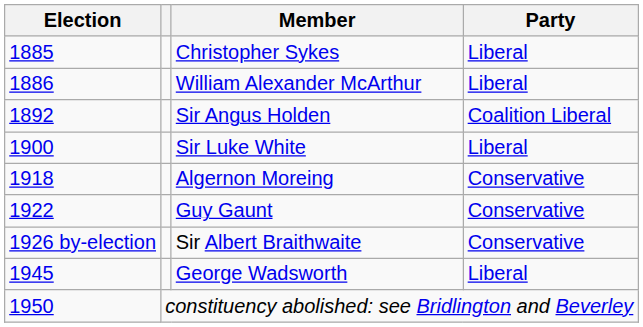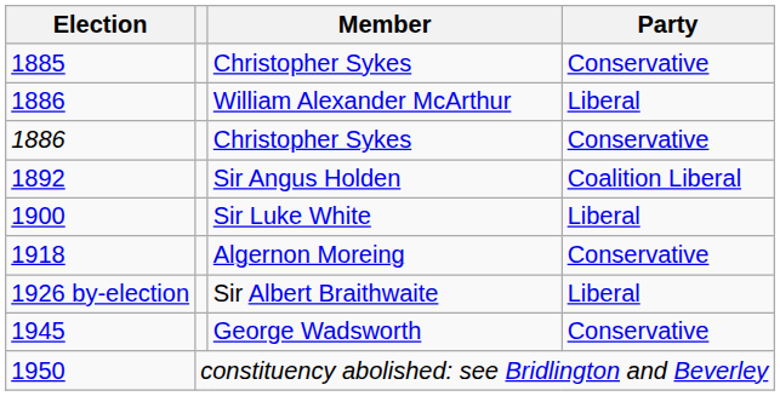 <table class="wikitable">
 <tr>
 <th>Election</th>
 <th></th>
 <th>Member</th>
 <th>Party</th>
 </tr>
 <tr>
 <td><a href='#'>1885</a></td>
 <td style="color:inherit;background-color: "></td>
 <td><a href='#'>Christopher Sykes</a></td>
-<td><a href='#'>Liberal</a></td>
+<td><a href='#'>Conservative</a></td>
 </tr>
 <tr>
 <td><a href='#'>1886</a></td>
 <td style="color:inherit;background-color: "></td>
 <td><a href='#'>William Alexander McArthur</a></td>
 <td><a href='#'>Liberal</a></td>
+</tr>
+<tr>
+<td><em>1886</em></td>
+<td style="color:inherit;background-color: "></td>
+<td><a href='#'>Christopher Sykes</a></td>
+<td><a href='#'>Conservative</a></td>
 </tr>
 <tr>
 <td><a href='#'>1892</a></td>
 <td style="color:inherit;background-color: "></td>
 <td><a href='#'>Sir Angus Holden</a></td>
 <td><a href='#'>Coalition Liberal</a></td>
 </tr>
 <tr>
 <td><a href='#'>1900</a></td>
 <td style="color:inherit;background-color: "></td>
 <td><a href='#'>Sir Luke White</a></td>
 <td><a href='#'>Liberal</a></td>
 </tr>
 <tr>
 <td><a href='#'>1918</a></td>
 <td style="color:inherit;background-color: "></td>
 <td><a href='#'>Algernon Moreing</a></td>
 <td><a href='#'>Conservative</a></td>
 </tr>
 <tr>
-<td><a href='#'>1922</a></td>
-<td style="color:inherit;background-color: "></td>
-<td><a href='#'>Guy Gaunt</a></td>
-<td><a href='#'>Conservative</a></td>
-</tr>
-<tr>
 <td><a href='#'>1926 by-election</a></td>
 <td style="color:inherit;background-color: "></td>
 <td>Sir <a href='#'>Albert Braithwaite</a></td>
-<td><a href='#'>Conservative</a></td>
+<td><a href='#'>Liberal</a></td>
 </tr>
 <tr>
 <td><a href='#'>1945</a></td>
 <td style="color:inherit;background-color: "></td>
 <td><a href='#'>George Wadsworth</a></td>
-<td><a href='#'>Liberal</a></td>
+<td><a href='#'>Conservative</a></td>
 </tr>
 <tr>
 <td><a href='#'>1950</a></td>
 <td colspan="3"><em>constituency abolished: see <a href='#'>Bridlington</a> and <a href='#'>Beverley</a></em></td>
 </tr>
 </table>
